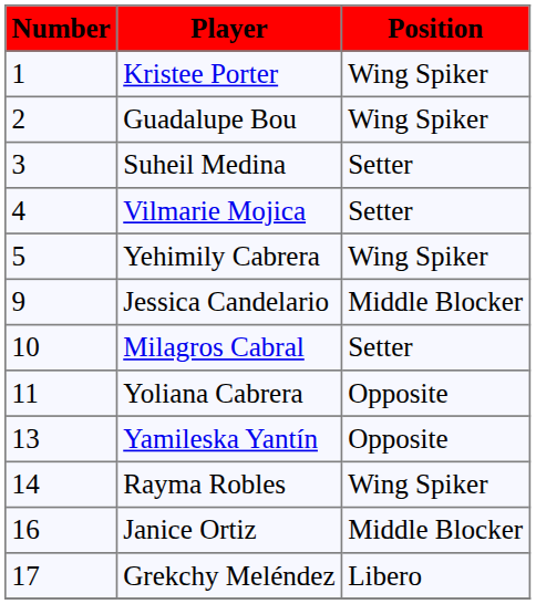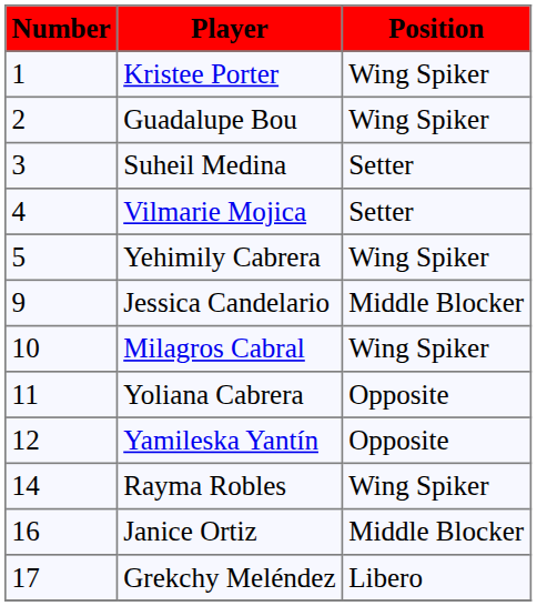 <table bgcolor="#f7f8ff" cellpadding="3" cellspacing="0" border="1" style="font-size: 95%; border: gray solid 1px; border-collapse: collapse;">
 <tr bgcolor="#ff0000">
 <td align=center><strong>Number</strong></td>
 <td align=center><strong>Player</strong></td>
 <td align=center><strong>Position</strong></td>
 </tr>
 <tr align="left">
 <td>1</td>
 <td> <a href='#'>Kristee Porter</a></td>
 <td>Wing Spiker</td>
 </tr>
 <tr align=left>
 <td>2</td>
 <td> Guadalupe Bou</td>
 <td>Wing Spiker</td>
 </tr>
 <tr align="left">
 <td>3</td>
 <td> Suheil Medina</td>
 <td>Setter</td>
 </tr>
 <tr align="left">
 <td>4</td>
 <td> <a href='#'>Vilmarie Mojica</a></td>
 <td>Setter</td>
 </tr>
 <tr align="left">
 <td>5</td>
 <td> Yehimily Cabrera</td>
 <td>Wing Spiker</td>
 </tr>
 <tr align="left">
 <td>9</td>
 <td> Jessica Candelario</td>
 <td>Middle Blocker</td>
 </tr>
 <tr align="left">
 <td>10</td>
 <td> <a href='#'>Milagros Cabral</a></td>
-<td>Setter</td>
+<td>Wing Spiker</td>
 </tr>
 <tr align="left">
 <td>11</td>
 <td> Yoliana Cabrera</td>
 <td>Opposite</td>
 </tr>
 <tr align="left">
-<td>13</td>
+<td>12</td>
 <td> <a href='#'>Yamileska Yantín</a></td>
 <td>Opposite</td>
 </tr>
 <tr align="left">
 <td>14</td>
 <td> Rayma Robles</td>
 <td>Wing Spiker</td>
 </tr>
 <tr align="left">
 <td>16</td>
 <td> Janice Ortiz</td>
 <td>Middle Blocker</td>
 </tr>
 <tr align="left">
 <td>17</td>
 <td> Grekchy Meléndez</td>
 <td>Libero</td>
 </tr>
 <tr align="left">
 </tr>
 </table>
